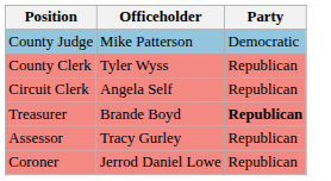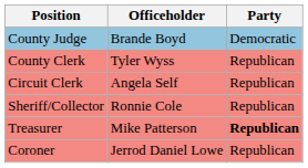 <table class="wikitable mw-collapsible">
 <tr>
 <th>Position</th>
 <th>Officeholder</th>
 <th>Party</th>
 </tr>
 <tr style="background-color:#92C5DE;">
 <td>County Judge</td>
-<td>Mike Patterson</td>
+<td>Brande Boyd</td>
 <td>Democratic</td>
 </tr>
 <tr style="background-color:#F48882;">
 <td>County Clerk</td>
 <td>Tyler Wyss</td>
 <td>Republican</td>
 </tr>
 <tr style="background-color:#F48882;">
 <td>Circuit Clerk</td>
 <td>Angela Self</td>
 <td>Republican</td>
 </tr>
 <tr style="background-color:#F48882;">
-<td>Treasurer</td>
-<td>Brande Boyd</td>
-<td><strong>Republican</strong></td>
+<td>Sheriff/Collector</td>
+<td>Ronnie Cole</td>
+<td>Republican</td>
 </tr>
 <tr style="background-color:#F48882;">
-<td>Assessor</td>
-<td>Tracy Gurley</td>
-<td>Republican</td>
+<td>Treasurer</td>
+<td>Mike Patterson</td>
+<td><strong>Republican</strong></td>
 </tr>
 <tr style="background-color:#F48882;">
 <td>Coroner</td>
 <td>Jerrod Daniel Lowe</td>
 <td>Republican</td>
 </tr>
 </table>
